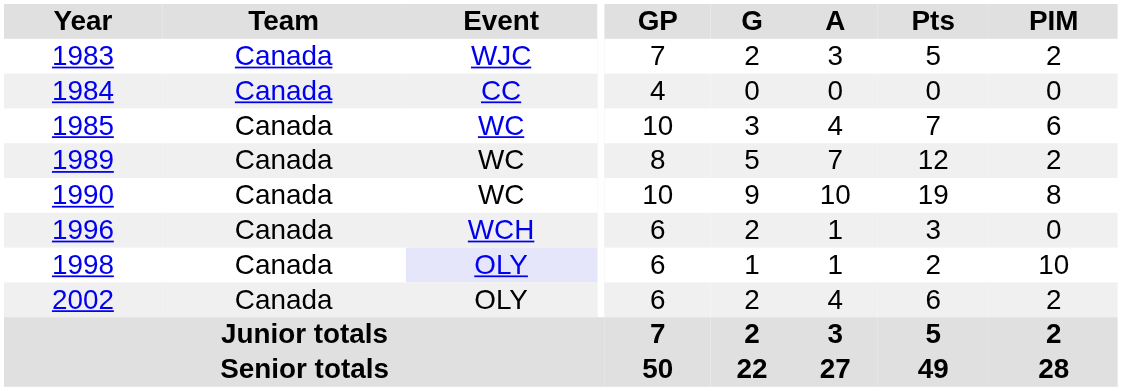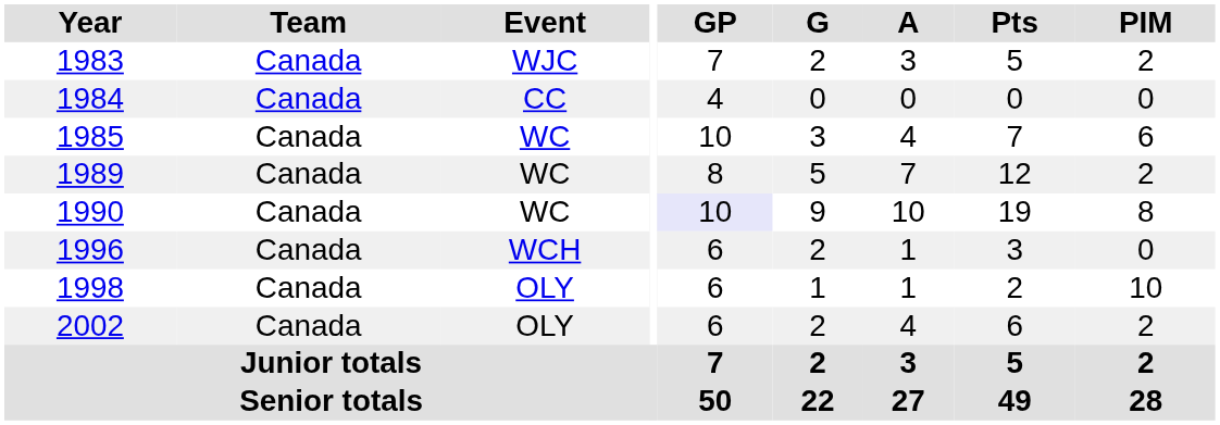 <table border="0" cellpadding="1" cellspacing="0" ID="Table3" style="text-align:center; width:40em">
 <tr bgcolor="#e0e0e0">
 <th>Year</th>
 <th>Team</th>
 <th>Event</th>
 <th rowspan="102" bgcolor="#ffffff"></th>
 <th>GP</th>
 <th>G</th>
 <th>A</th>
 <th>Pts</th>
 <th>PIM</th>
 </tr>
 <tr>
 <td><a href='#'>1983</a></td>
 <td><a href='#'>Canada</a></td>
 <td><a href='#'>WJC</a></td>
 <td>7</td>
 <td>2</td>
 <td>3</td>
 <td>5</td>
 <td>2</td>
 </tr>
 <tr bgcolor="#f0f0f0">
 <td><a href='#'>1984</a></td>
 <td><a href='#'>Canada</a></td>
 <td><a href='#'>CC</a></td>
 <td>4</td>
 <td>0</td>
 <td>0</td>
 <td>0</td>
 <td>0</td>
 </tr>
 <tr>
 <td><a href='#'>1985</a></td>
 <td>Canada</td>
 <td><a href='#'>WC</a></td>
 <td>10</td>
 <td>3</td>
 <td>4</td>
 <td>7</td>
 <td>6</td>
 </tr>
 <tr bgcolor="#f0f0f0">
 <td><a href='#'>1989</a></td>
 <td>Canada</td>
 <td>WC</td>
 <td>8</td>
 <td>5</td>
 <td>7</td>
 <td>12</td>
 <td>2</td>
 </tr>
 <tr>
 <td><a href='#'>1990</a></td>
 <td>Canada</td>
 <td>WC</td>
-<td>10</td>
+<td style="background: lavender;">10</td>
 <td>9</td>
 <td>10</td>
 <td>19</td>
 <td>8</td>
 </tr>
 <tr bgcolor="#f0f0f0">
 <td><a href='#'>1996</a></td>
 <td>Canada</td>
 <td><a href='#'>WCH</a></td>
 <td>6</td>
 <td>2</td>
 <td>1</td>
 <td>3</td>
 <td>0</td>
 </tr>
 <tr>
 <td><a href='#'>1998</a></td>
 <td>Canada</td>
-<td style="background: lavender;"><a href='#'>OLY</a></td>
+<td><a href='#'>OLY</a></td>
 <td>6</td>
 <td>1</td>
 <td>1</td>
 <td>2</td>
 <td>10</td>
 </tr>
 <tr bgcolor="#f0f0f0">
 <td><a href='#'>2002</a></td>
 <td>Canada</td>
 <td>OLY</td>
 <td>6</td>
 <td>2</td>
 <td>4</td>
 <td>6</td>
 <td>2</td>
 </tr>
 <tr bgcolor="#e0e0e0">
 <th colspan="4">Junior totals</th>
 <th>7</th>
 <th>2</th>
 <th>3</th>
 <th>5</th>
 <th>2</th>
 </tr>
 <tr bgcolor="#e0e0e0">
 <th colspan="4">Senior totals</th>
 <th>50</th>
 <th>22</th>
 <th>27</th>
 <th>49</th>
 <th>28</th>
 </tr>
 </table>
